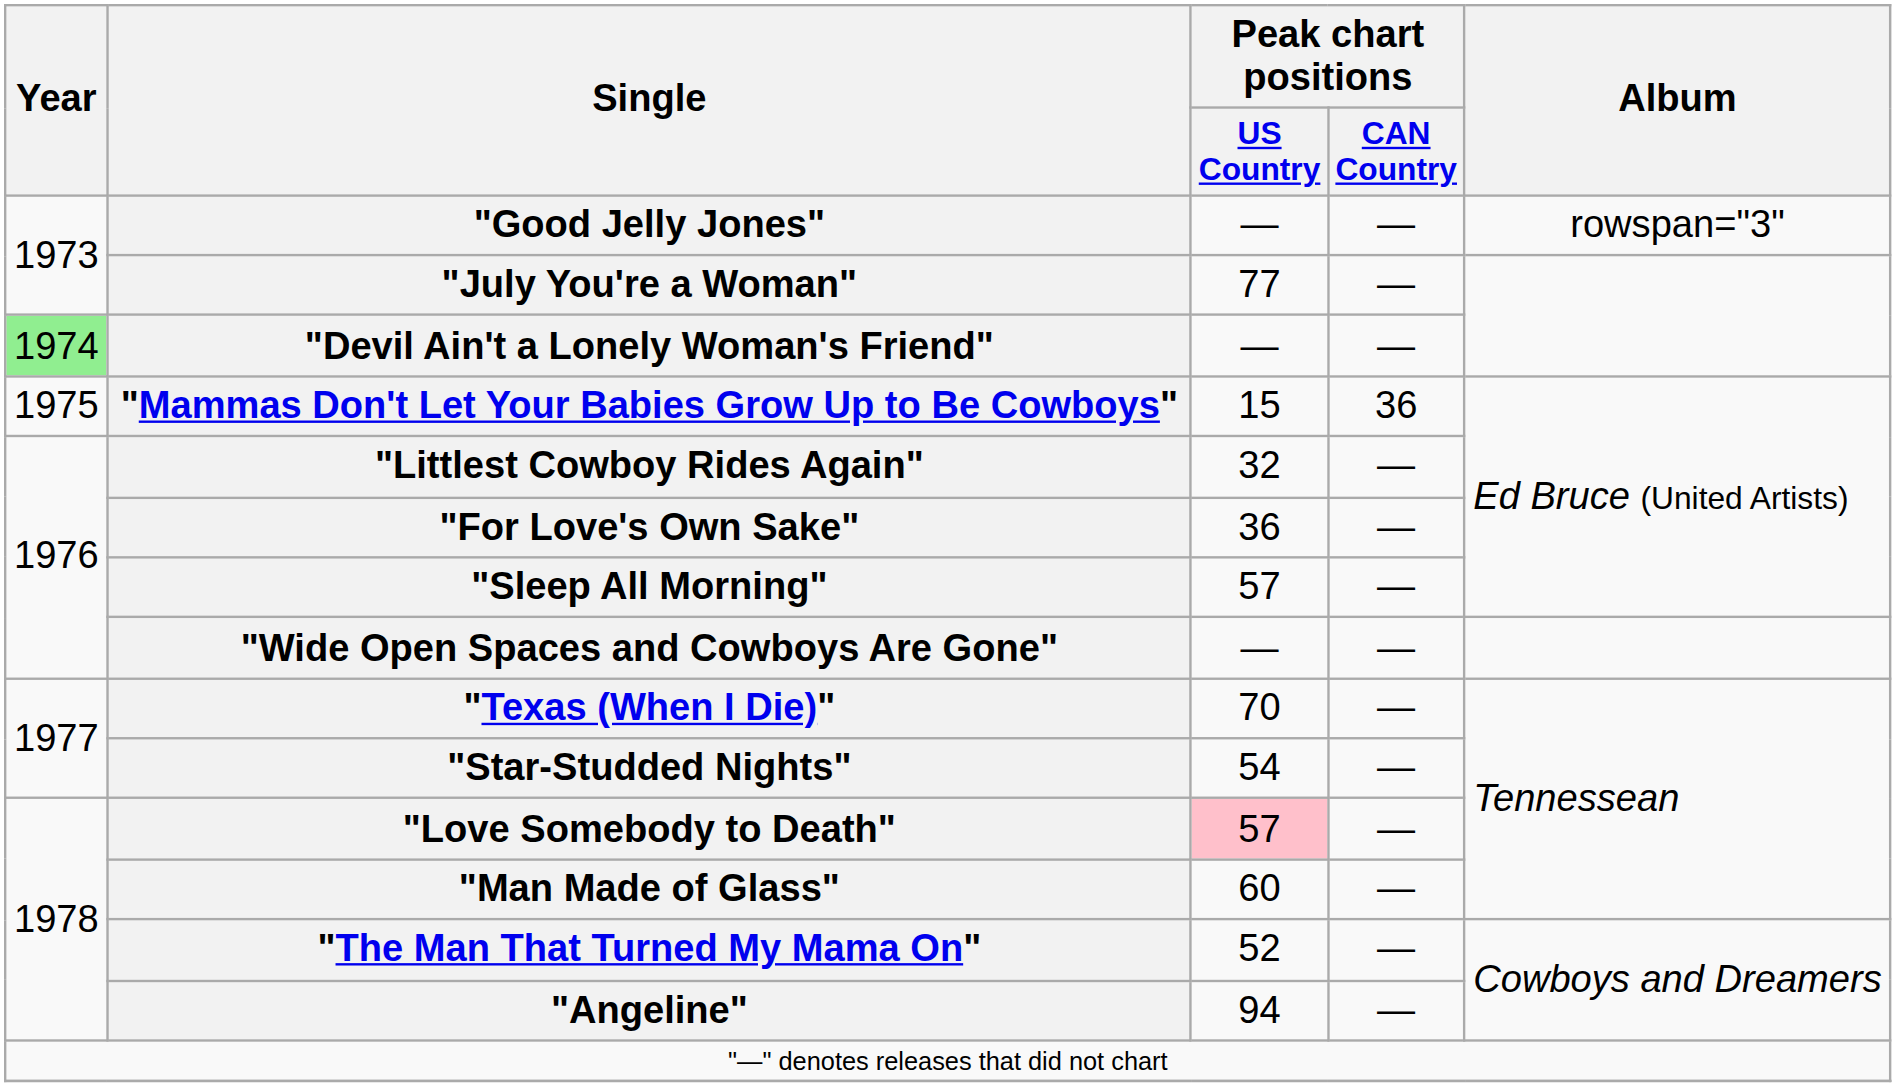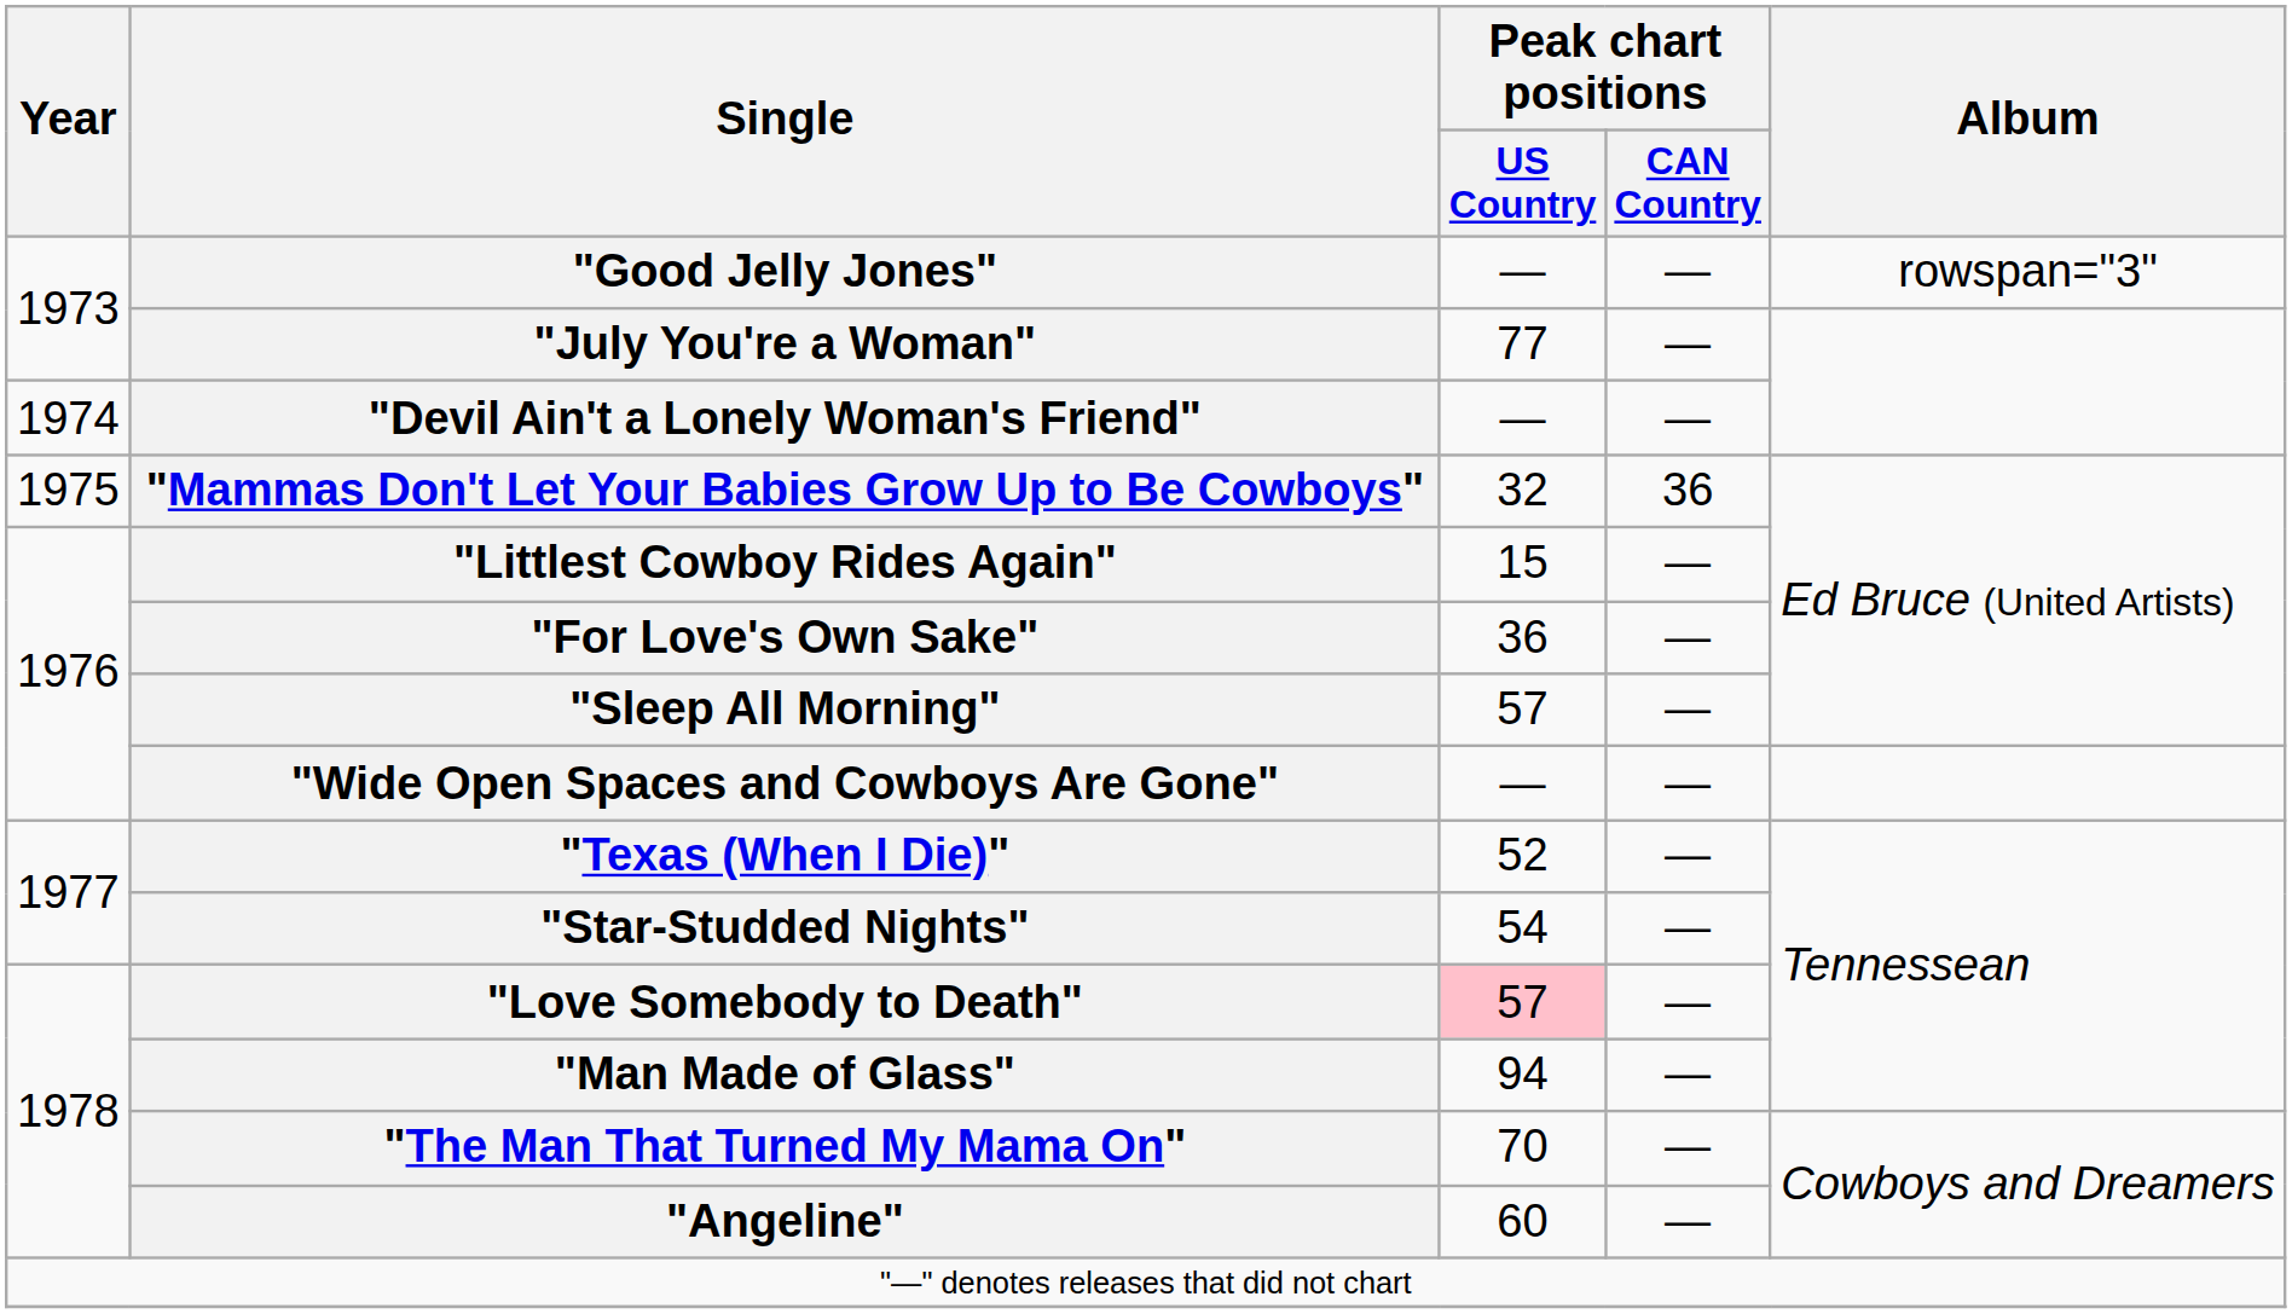 <table class="wikitable plainrowheaders" style="text-align:center;">
 <tr>
 <th rowspan="2">Year</th>
 <th rowspan="2" style="width:28em;">Single</th>
 <th colspan="2">Peak chart<br>positions</th>
 <th rowspan="2">Album</th>
 </tr>
 <tr style="font-size:smaller;">
 <th width="45"><a href='#'>US Country</a></th>
 <th width="45"><a href='#'>CAN Country</a></th>
 </tr>
 <tr>
 <td rowspan="2">1973</td>
 <th scope="row">"Good Jelly Jones"</th>
 <td>—</td>
 <td>—</td>
 <td>rowspan="3" </td>
 </tr>
 <tr>
 <th scope="row">"July You're a Woman"</th>
 <td>77</td>
 <td>—</td>
 </tr>
 <tr>
-<td style="background: lightgreen;">1974</td>
+<td>1974</td>
 <th scope="row">"Devil Ain't a Lonely Woman's Friend"</th>
 <td>—</td>
 <td>—</td>
 </tr>
 <tr>
 <td>1975</td>
 <th scope="row">"<a href='#'>Mammas Don't Let Your Babies Grow Up to Be Cowboys</a>"</th>
-<td>15</td>
+<td>32</td>
 <td>36</td>
 <td align="left" rowspan="4"><em>Ed Bruce</em> <small>(United Artists)</small></td>
 </tr>
 <tr>
 <td rowspan="4">1976</td>
 <th scope="row">"Littlest Cowboy Rides Again"</th>
-<td>32</td>
+<td>15</td>
 <td>—</td>
 </tr>
 <tr>
 <th scope="row">"For Love's Own Sake"</th>
 <td>36</td>
 <td>—</td>
 </tr>
 <tr>
 <th scope="row">"Sleep All Morning"</th>
 <td>57</td>
 <td>—</td>
 </tr>
 <tr>
 <th scope="row">"Wide Open Spaces and Cowboys Are Gone"</th>
 <td>—</td>
 <td>—</td>
 <td></td>
 </tr>
 <tr>
 <td rowspan="2">1977</td>
 <th scope="row">"<a href='#'>Texas (When I Die)</a>"</th>
-<td>70</td>
+<td>52</td>
 <td>—</td>
 <td align="left" rowspan="4"><em>Tennessean</em></td>
 </tr>
 <tr>
 <th scope="row">"Star-Studded Nights"</th>
 <td>54</td>
 <td>—</td>
 </tr>
 <tr>
 <td rowspan="4">1978</td>
 <th scope="row">"Love Somebody to Death"</th>
 <td style="background: pink;">57</td>
 <td>—</td>
 </tr>
 <tr>
 <th scope="row">"Man Made of Glass"</th>
-<td>60</td>
+<td>94</td>
 <td>—</td>
 </tr>
 <tr>
 <th scope="row">"<a href='#'>The Man That Turned My Mama On</a>"</th>
-<td>52</td>
+<td>70</td>
 <td>—</td>
 <td align="left" rowspan="2"><em>Cowboys and Dreamers</em></td>
 </tr>
 <tr>
 <th scope="row">"Angeline"</th>
-<td>94</td>
+<td>60</td>
 <td>—</td>
 </tr>
 <tr>
 <td colspan="5" style="font-size: 8pt">"—" denotes releases that did not chart</td>
 </tr>
 <tr>
 </tr>
 </table>
